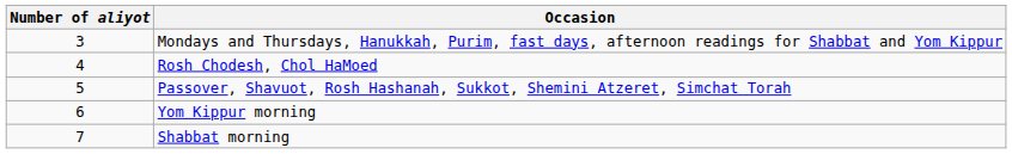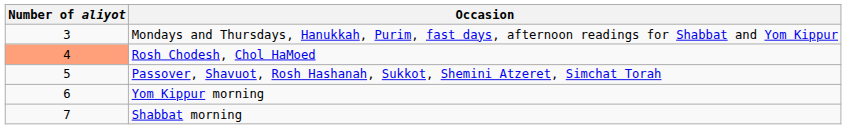 <table class= "wikitable" style="margin:10px auto;">
 <tr>
 <th>Number of <em>aliyot</em></th>
 <th>Occasion</th>
 </tr>
 <tr>
 <td align= center>3</td>
 <td>Mondays and Thursdays, <a href='#'>Hanukkah</a>, <a href='#'>Purim</a>, <a href='#'>fast days</a>, afternoon readings for <a href='#'>Shabbat</a> and <a href='#'>Yom Kippur</a></td>
 </tr>
 <tr>
-<td align= center>4</td>
+<td align= center style="background: lightsalmon;">4</td>
 <td><a href='#'>Rosh Chodesh</a>, <a href='#'>Chol HaMoed</a></td>
 </tr>
 <tr>
 <td align= center>5</td>
 <td><a href='#'>Passover</a>, <a href='#'>Shavuot</a>, <a href='#'>Rosh Hashanah</a>, <a href='#'>Sukkot</a>, <a href='#'>Shemini Atzeret</a>, <a href='#'>Simchat Torah</a></td>
 </tr>
 <tr>
 <td align= center>6</td>
 <td><a href='#'>Yom Kippur</a> morning</td>
 </tr>
 <tr>
 <td align= center>7</td>
 <td><a href='#'>Shabbat</a> morning</td>
 </tr>
 </table>
